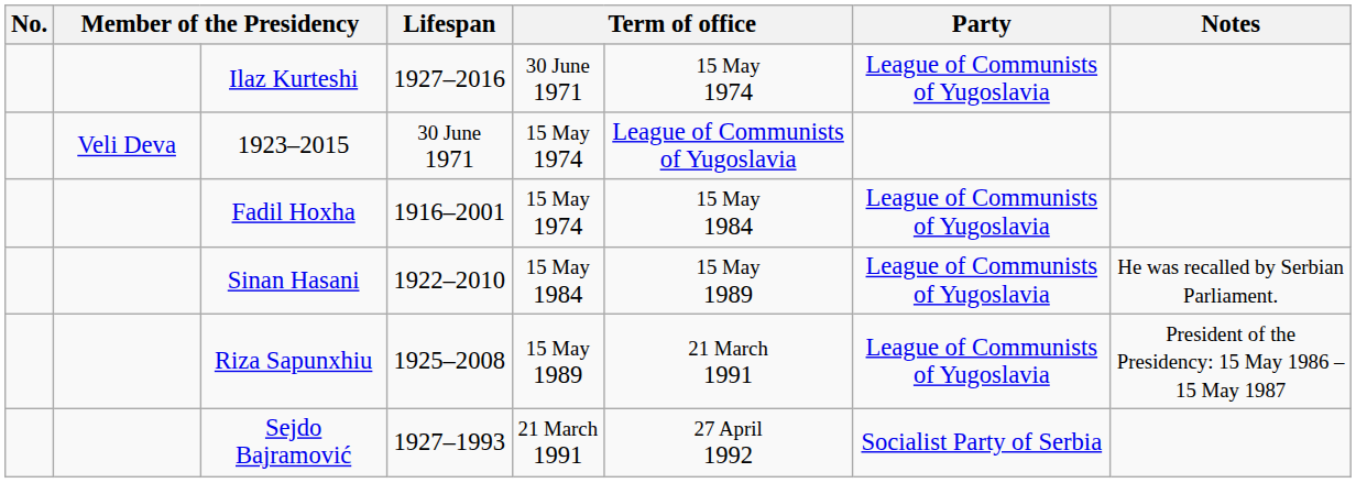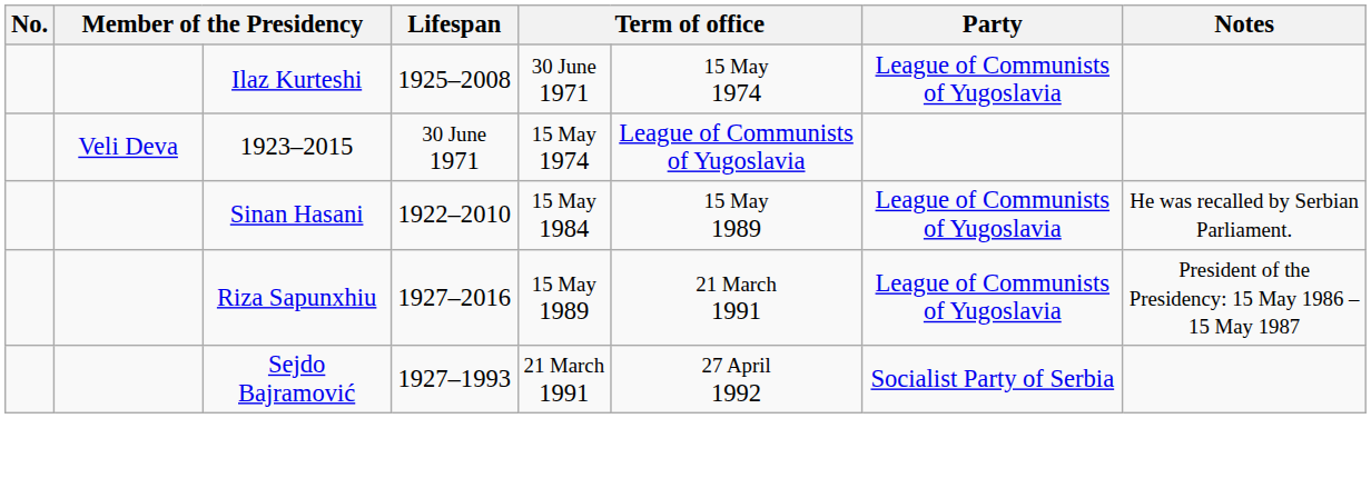 <table class="wikitable" style="text-align:center">
 <tr>
 <th>No.</th>
 <th colspan="2">Member of the Presidency</th>
 <th>Lifespan</th>
 <th colspan="2">Term of office</th>
 <th>Party</th>
 <th>Notes</th>
 </tr>
 <tr>
 <td style="background: "></td>
 <td style="width:1em;"></td>
 <td style="width:11em;"><a href='#'>Ilaz Kurteshi</a></td>
-<td style="width:6em;">1927–2016</td>
+<td style="width:6em;">1925–2008</td>
 <td style="width:5em;"><small>30 June</small><br>1971</td>
 <td style="width:5em;"><small>15 May</small><br>1974</td>
 <td style="width:17em;"><a href='#'>League of Communists of Yugoslavia</a></td>
 <td style="width:18em;"><small></small></td>
 </tr>
 <tr>
 <td style="width:1em;"></td>
 <td style="width:11em;"><a href='#'>Veli Deva</a></td>
 <td style="width:6em;">1923–2015</td>
 <td style="width:5em;"><small>30 June</small><br>1971</td>
 <td style="width:5em;"><small>15 May</small><br>1974</td>
 <td style="width:17em;"><a href='#'>League of Communists of Yugoslavia</a></td>
 <td style="width:18em;"><small></small></td>
 </tr>
 <tr>
 <td style="background: "></td>
 <td style="width:1em;"></td>
-<td style="width:11em;"><a href='#'>Fadil Hoxha</a></td>
-<td style="width:6em;">1916–2001</td>
-<td style="width:5em;"><small>15 May</small><br>1974</td>
-<td style="width:5em;"><small>15 May</small><br>1984</td>
-<td style="width:17em;"><a href='#'>League of Communists of Yugoslavia</a></td>
-<td style="width:18em;"><small></small></td>
-</tr>
-<tr>
-<td style="background: "></td>
-<td style="width:1em;"></td>
 <td style="width:11em;"><a href='#'>Sinan Hasani</a></td>
 <td style="width:6em;">1922–2010</td>
 <td style="width:5em;"><small>15 May</small><br>1984</td>
 <td style="width:5em;"><small>15 May</small><br>1989</td>
 <td style="width:17em;"><a href='#'>League of Communists of Yugoslavia</a></td>
 <td style="width:18em;"><small>He was recalled by Serbian Parliament.</small></td>
 </tr>
 <tr>
 <td style="background: "></td>
 <td style="width:1em;"></td>
 <td style="width:11em;"><a href='#'>Riza Sapunxhiu</a></td>
-<td style="width:6em;">1925–2008</td>
+<td style="width:6em;">1927–2016</td>
 <td style="width:5em;"><small>15 May</small><br>1989</td>
 <td style="width:5em;"><small>21 March</small><br>1991</td>
 <td style="width:17em;"><a href='#'>League of Communists of Yugoslavia</a></td>
 <td style="width:18em;"><small>President of the Presidency: 15 May 1986 – 15 May 1987</small></td>
 </tr>
 <tr>
 <td style="background: "></td>
 <td style="width:1em;"></td>
 <td style="width:11em;"><a href='#'>Sejdo Bajramović</a></td>
 <td style="width:6em;">1927–1993</td>
 <td style="width:5em;"><small>21 March</small><br>1991</td>
 <td style="width:5em;"><small>27 April</small><br>1992</td>
 <td style="width:17em;"><a href='#'>Socialist Party of Serbia</a></td>
 <td style="width:18em;"><small></small></td>
 </tr>
 </table>
